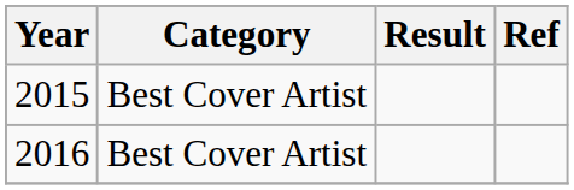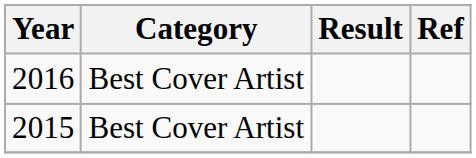 <table class="wikitable sortable">
 <tr>
 <th>Year</th>
 <th>Category</th>
 <th>Result</th>
 <th>Ref</th>
 </tr>
 <tr>
-<td>2015</td>
+<td>2016</td>
 <td>Best Cover Artist</td>
 <td></td>
 <td></td>
 </tr>
 <tr>
-<td>2016</td>
+<td>2015</td>
 <td>Best Cover Artist</td>
 <td></td>
 <td></td>
 </tr>
 <tr>
 </tr>
 </table>
